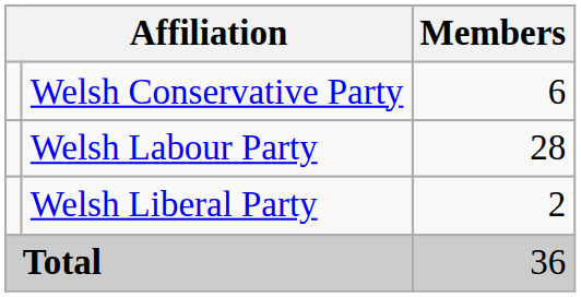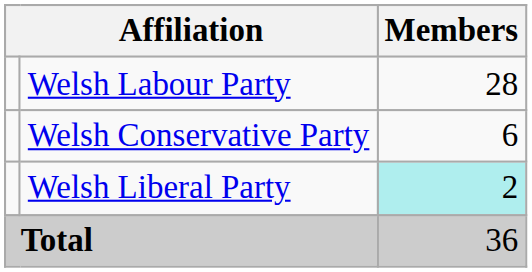 <table class="wikitable">
 <tr>
 <th colspan="2">Affiliation</th>
 <th>Members</th>
+</tr>
+<tr>
+<td style="color:inherit;background:"></td>
+<td><a href='#'>Welsh Labour Party</a></td>
+<td style="text-align:right;">28</td>
 </tr>
 <tr>
 <td style="color:inherit;background:"></td>
 <td><a href='#'>Welsh Conservative Party</a></td>
 <td style="text-align:right;">6</td>
 </tr>
 <tr>
 <td style="color:inherit;background:"></td>
-<td><a href='#'>Welsh Labour Party</a></td>
-<td style="text-align:right;">28</td>
-</tr>
-<tr>
-<td style="color:inherit;background:"></td>
 <td><a href='#'>Welsh Liberal Party</a></td>
-<td style="text-align:right;">2</td>
+<td style="background: paleturquoise; text-align:right;">2</td>
 </tr>
 <tr style="background:#ccc;">
 <td colspan="2"> <strong>Total</strong></td>
 <td style="text-align:right;">36</td>
 </tr>
 </table>
